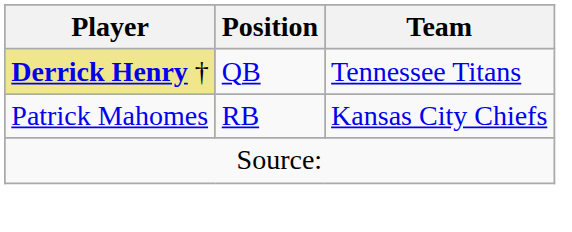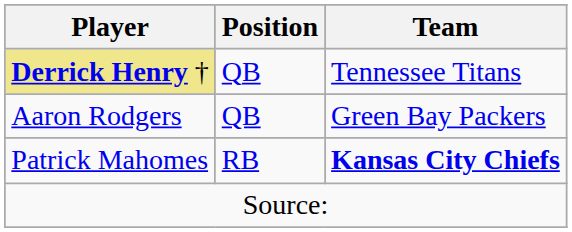 <table class="wikitable sortable">
 <tr>
 <th>Player</th>
 <th>Position</th>
 <th>Team</th>
 </tr>
 <tr>
 <td style="background-color:Khaki; border:1px solid #aaaaaa"><strong><a href='#'>Derrick Henry</a></strong> †</td>
 <td><a href='#'>QB</a></td>
 <td><a href='#'>Tennessee Titans</a></td>
 </tr>
 <tr>
+<td><a href='#'>Aaron Rodgers</a></td>
+<td><a href='#'>QB</a></td>
+<td><a href='#'>Green Bay Packers</a></td>
+</tr>
+<tr>
 <td><a href='#'>Patrick Mahomes</a></td>
 <td><a href='#'>RB</a></td>
-<td><a href='#'>Kansas City Chiefs</a></td>
+<td><strong><a href='#'>Kansas City Chiefs</a></strong></td>
 </tr>
 <tr>
 <td colspan="3" style="text-align:center;">Source:</td>
 </tr>
 </table>
